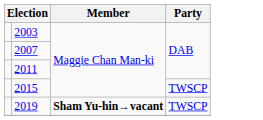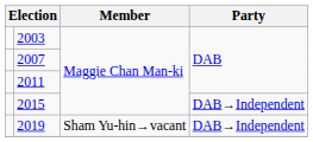 <table class="wikitable">
 <tr>
 <th colspan="2">Election</th>
 <th>Member</th>
 <th>Party</th>
 </tr>
 <tr>
 <td style="background-color:"></td>
 <td><a href='#'>2003</a></td>
 <td rowspan=4><a href='#'>Maggie Chan Man-ki</a></td>
 <td rowspan=3><a href='#'>DAB</a></td>
 </tr>
 <tr>
 <td style="background-color:"></td>
 <td><a href='#'>2007</a></td>
 </tr>
 <tr>
 <td style="background-color:"></td>
 <td><a href='#'>2011</a></td>
 </tr>
 <tr>
 <td style="background-color:"></td>
 <td><a href='#'>2015</a></td>
-<td><a href='#'>TWSCP</a></td>
+<td><a href='#'>DAB</a>→<a href='#'>Independent</a></td>
 </tr>
 <tr>
 <td style="background-color:"></td>
 <td><a href='#'>2019</a></td>
-<td><strong>Sham Yu-hin→vacant</strong></td>
-<td><a href='#'>TWSCP</a></td>
+<td>Sham Yu-hin→vacant</td>
+<td><a href='#'>DAB</a>→<a href='#'>Independent</a></td>
 </tr>
 <tr>
 </tr>
 </table>
